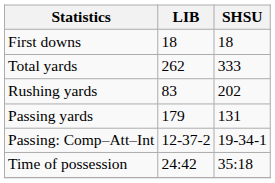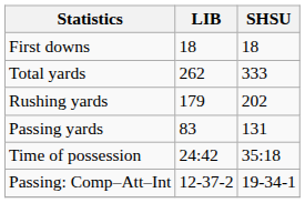 <table class="wikitable" style="float: left;">
 <tr>
 <th>Statistics</th>
 <th>LIB</th>
 <th>SHSU</th>
 </tr>
 <tr>
 <td>First downs</td>
 <td>18</td>
 <td>18</td>
 </tr>
 <tr>
 <td>Total yards</td>
 <td>262</td>
 <td>333</td>
 </tr>
 <tr>
 <td>Rushing yards</td>
-<td>83</td>
+<td>179</td>
 <td>202</td>
 </tr>
 <tr>
 <td>Passing yards</td>
-<td>179</td>
+<td>83</td>
 <td>131</td>
+</tr>
+<tr>
+<td>Time of possession</td>
+<td>24:42</td>
+<td>35:18</td>
 </tr>
 <tr>
 <td>Passing: Comp–Att–Int</td>
 <td>12-37-2</td>
 <td>19-34-1</td>
 </tr>
 <tr>
-<td>Time of possession</td>
-<td>24:42</td>
-<td>35:18</td>
-</tr>
-<tr>
 </tr>
 </table>
